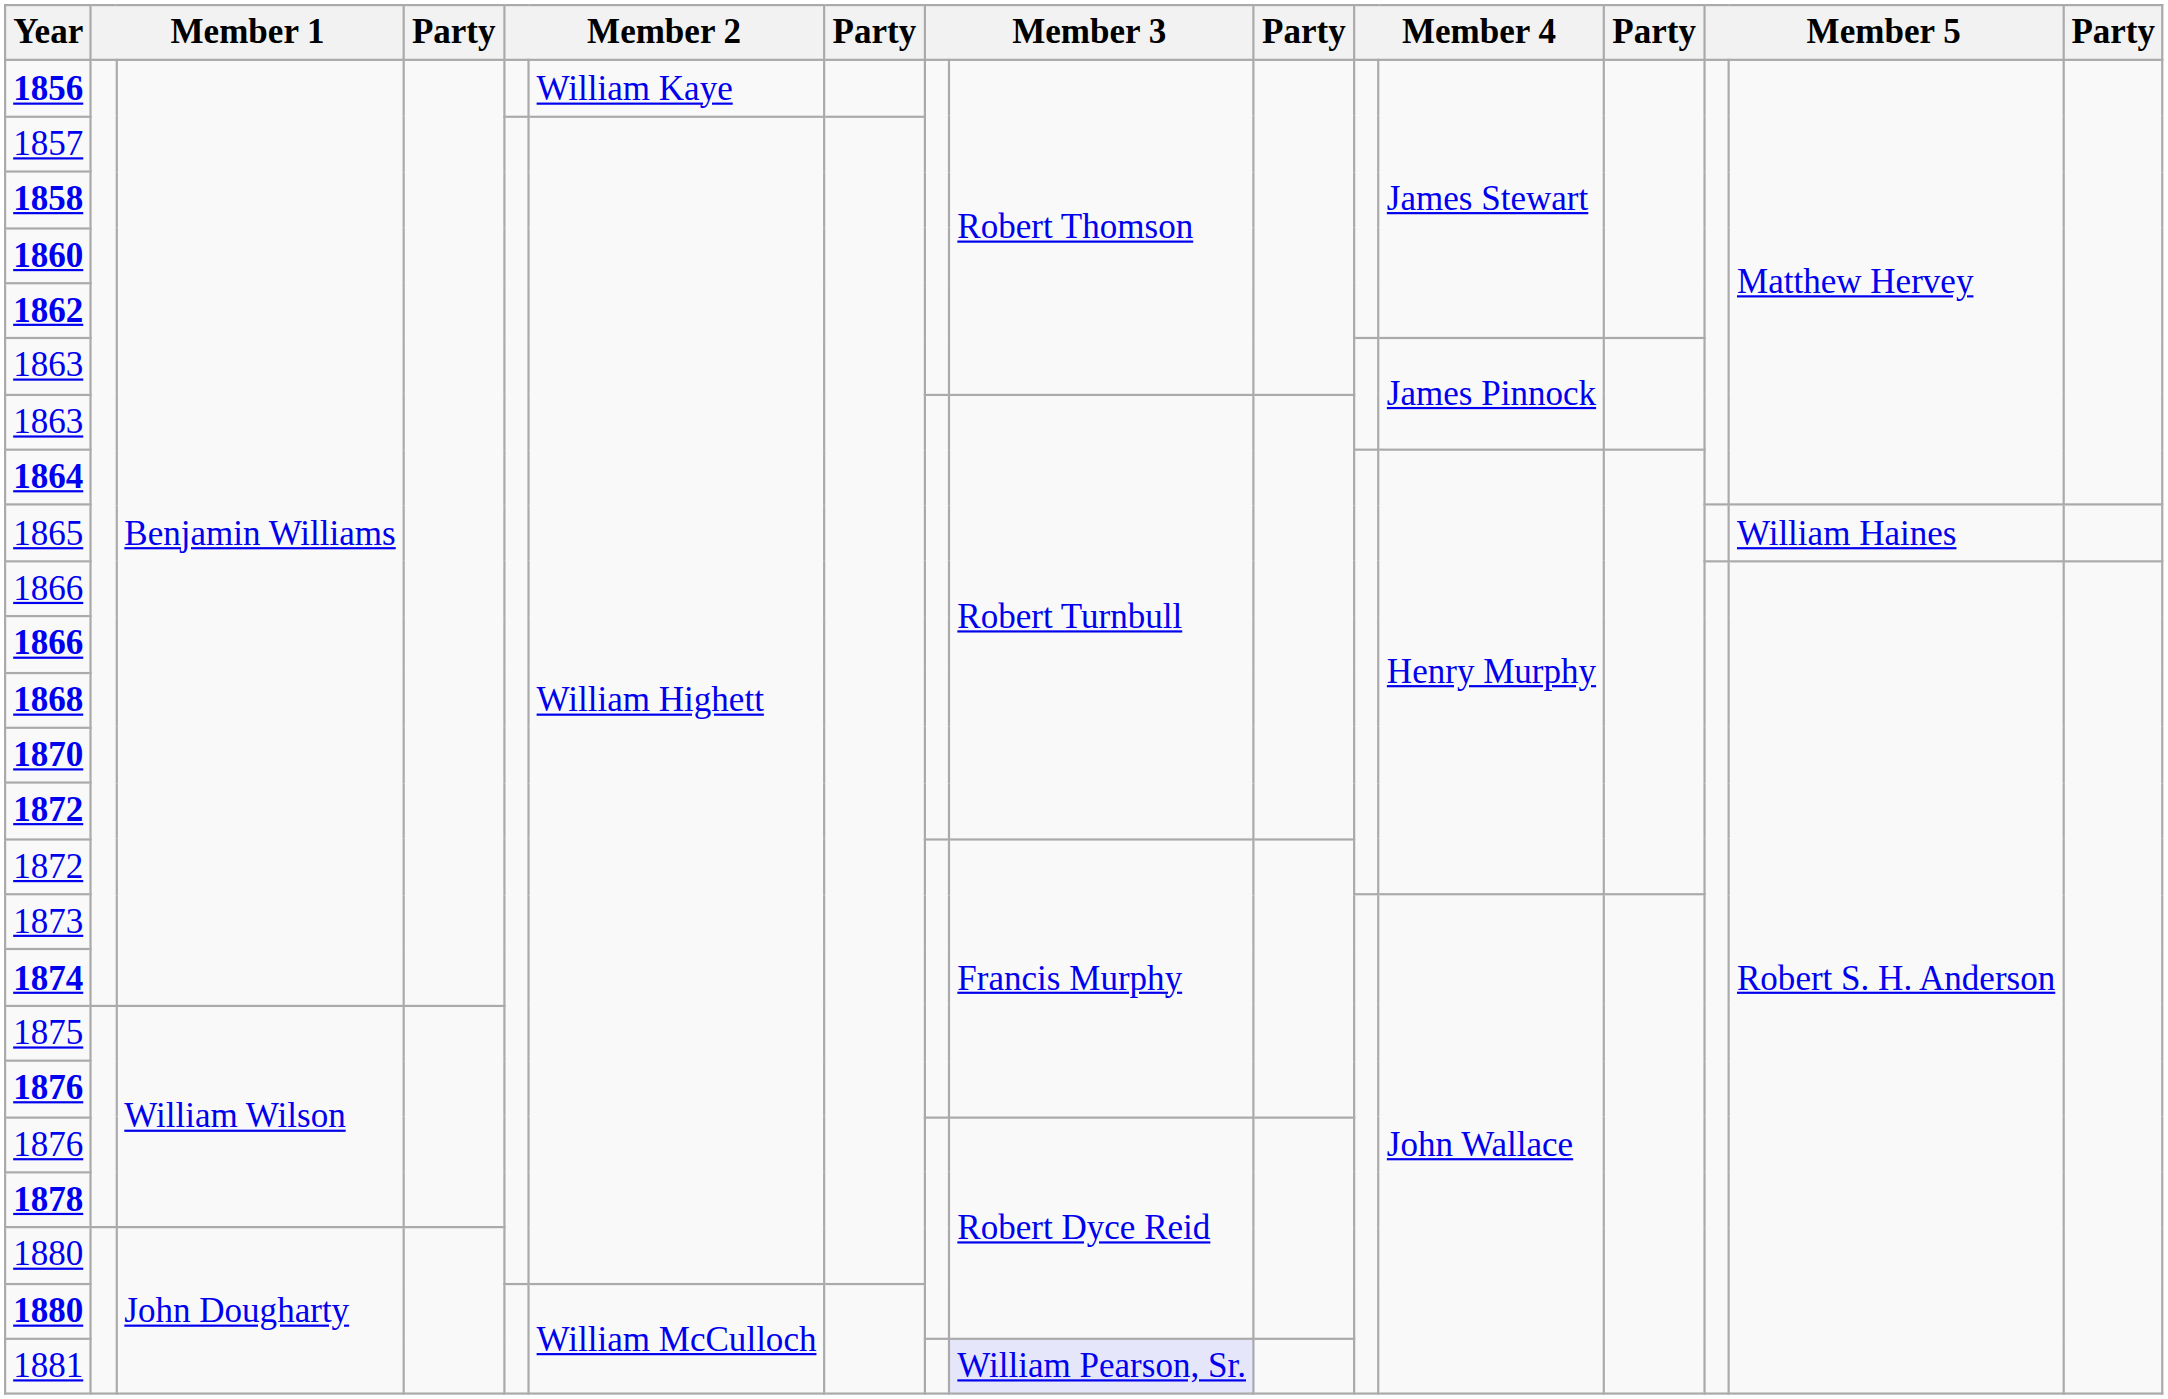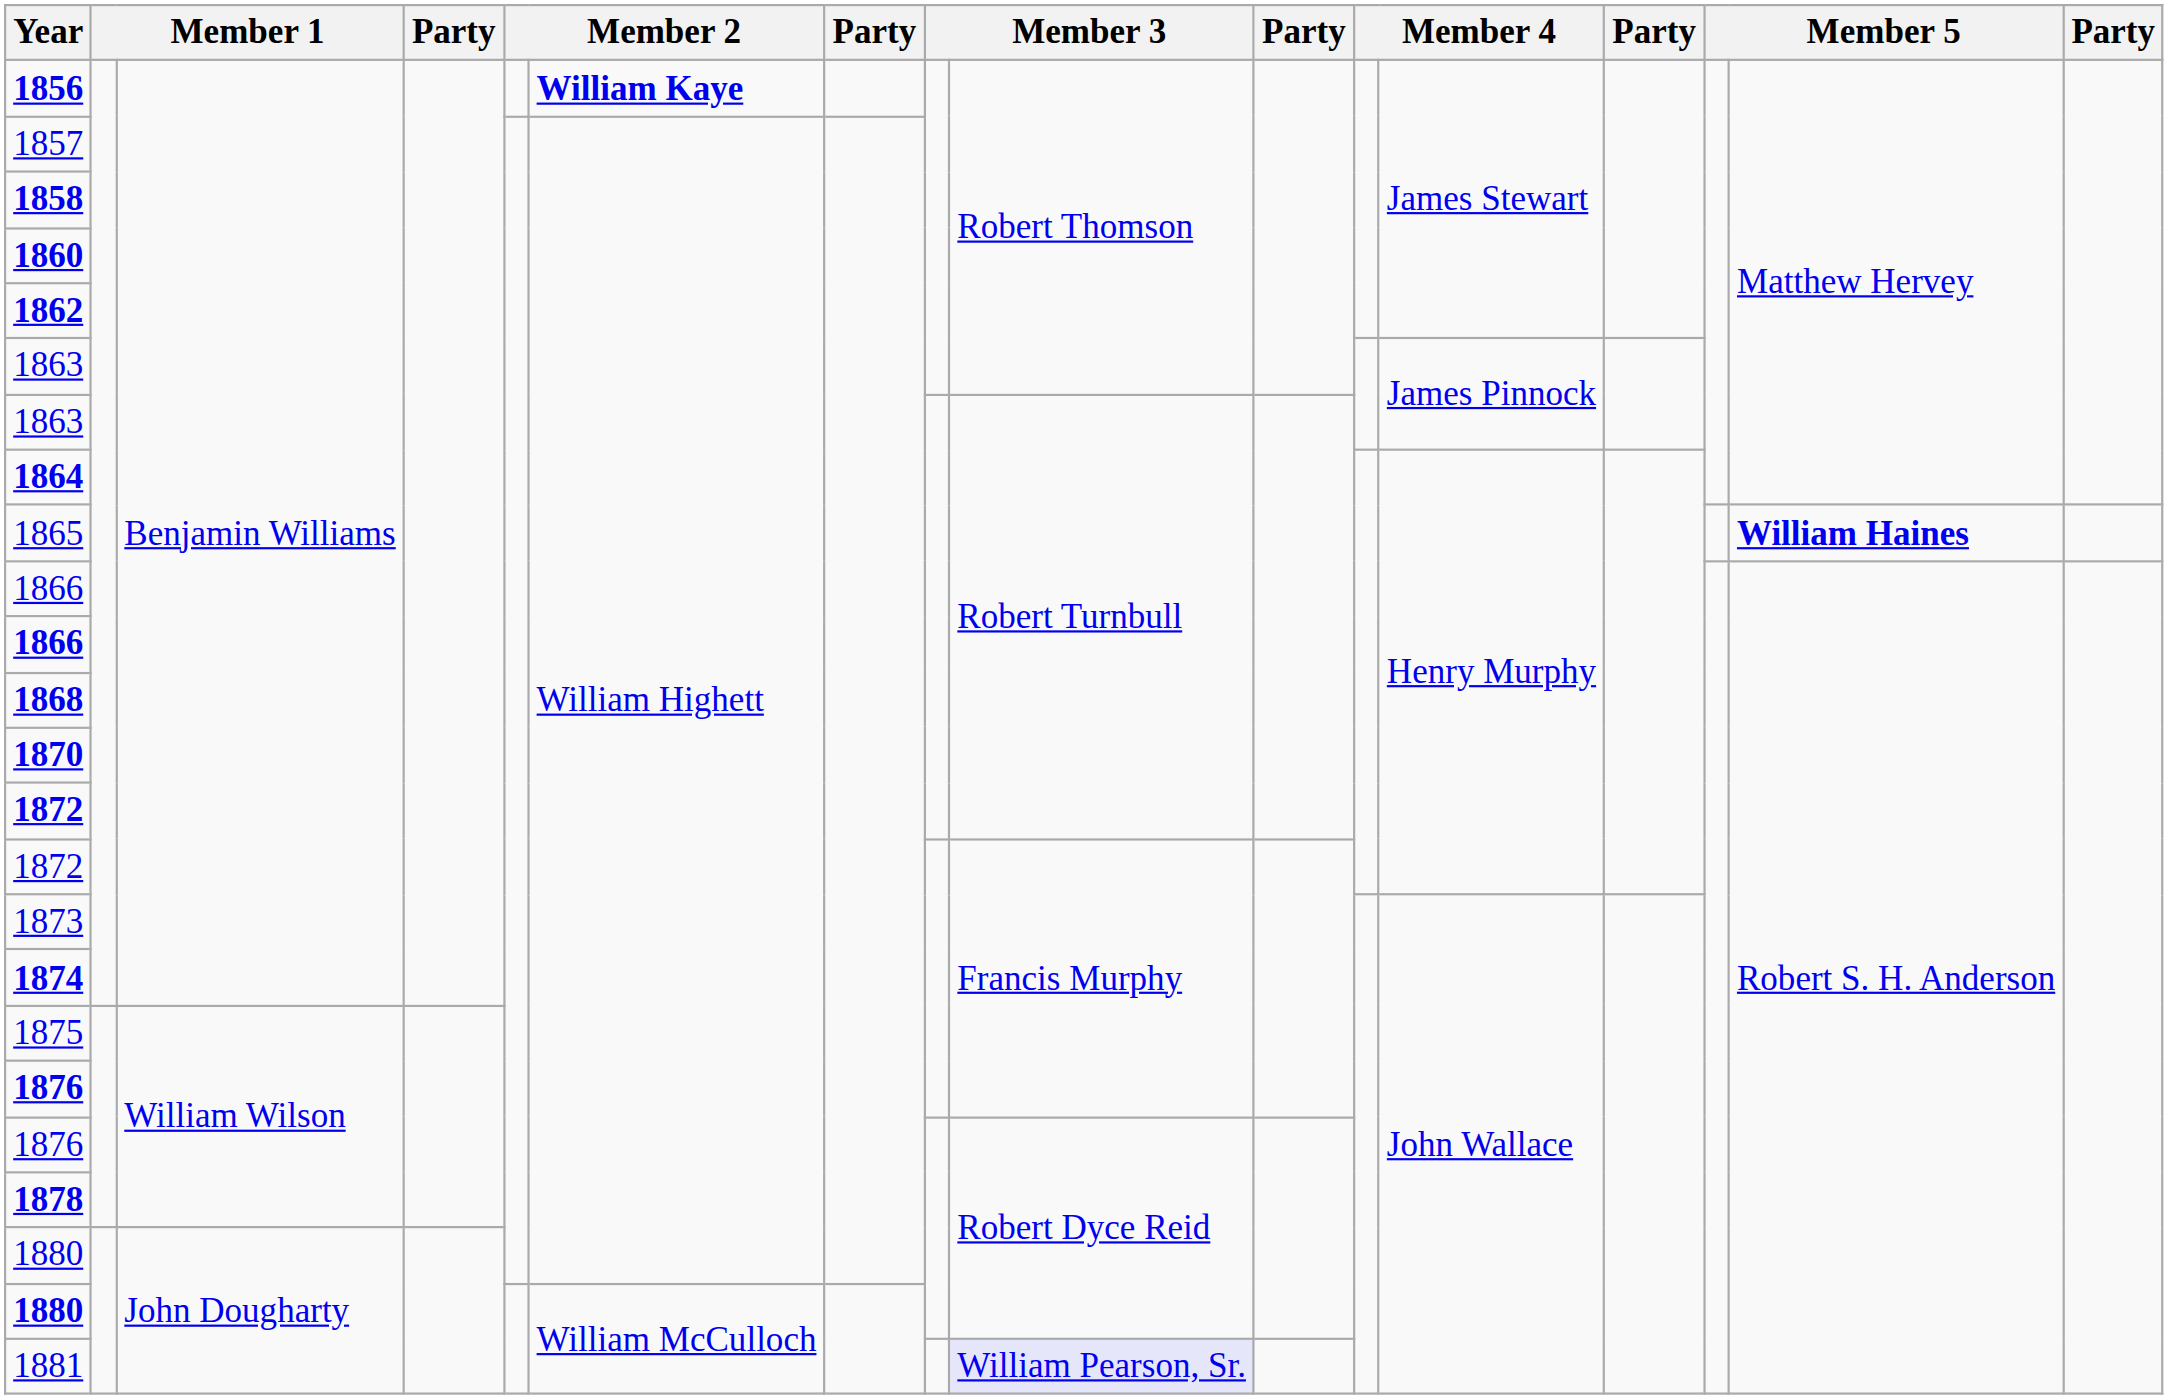 <table class="wikitable">
 <tr>
 <th>Year</th>
 <th colspan=2>Member 1</th>
 <th>Party</th>
 <th colspan=2>Member 2</th>
 <th>Party</th>
 <th colspan=2>Member 3</th>
 <th>Party</th>
 <th colspan=2>Member 4</th>
 <th>Party</th>
 <th colspan=2>Member 5</th>
 <th>Party</th>
 </tr>
 <tr>
 <td><strong><a href='#'>1856</a></strong></td>
 <td rowspan=17 > </td>
 <td rowspan=17><a href='#'>Benjamin Williams</a></td>
 <td rowspan=17> </td>
 <td> </td>
-<td><a href='#'>William Kaye</a></td>
+<td><strong><a href='#'>William Kaye</a></strong></td>
 <td> </td>
 <td rowspan=6 > </td>
 <td rowspan=6><a href='#'>Robert Thomson</a></td>
 <td rowspan=6> </td>
 <td rowspan=5 > </td>
 <td rowspan=5><a href='#'>James Stewart</a></td>
 <td rowspan=5> </td>
 <td rowspan=8 > </td>
 <td rowspan=8><a href='#'>Matthew Hervey</a></td>
 <td rowspan=8> </td>
 </tr>
 <tr>
 <td><a href='#'>1857</a></td>
 <td rowspan=21 > </td>
 <td rowspan=21><a href='#'>William Highett</a></td>
 <td rowspan=21> </td>
 </tr>
 <tr>
 <td><strong><a href='#'>1858</a></strong></td>
 </tr>
 <tr>
 <td><strong><a href='#'>1860</a></strong></td>
 </tr>
 <tr>
 <td><strong><a href='#'>1862</a></strong></td>
 </tr>
 <tr>
 <td><a href='#'>1863</a></td>
 <td rowspan=2 > </td>
 <td rowspan=2><a href='#'>James Pinnock</a><br></td>
 <td rowspan=2> </td>
 </tr>
 <tr>
 <td><a href='#'>1863</a></td>
 <td rowspan=8 > </td>
 <td rowspan=8><a href='#'>Robert Turnbull</a><br></td>
 <td rowspan=8> </td>
 </tr>
 <tr>
 <td><strong><a href='#'>1864</a></strong></td>
 <td rowspan=8 > </td>
 <td rowspan=8><a href='#'>Henry Murphy</a></td>
 <td rowspan=8> </td>
 </tr>
 <tr>
 <td><a href='#'>1865</a></td>
 <td> </td>
-<td><a href='#'>William Haines</a></td>
+<td><strong><a href='#'>William Haines</a></strong></td>
 <td> </td>
 </tr>
 <tr>
 <td><a href='#'>1866</a></td>
 <td rowspan=15 > </td>
 <td rowspan=15><a href='#'>Robert S. H. Anderson</a></td>
 <td rowspan=15> </td>
 </tr>
 <tr>
 <td><strong><a href='#'>1866</a></strong></td>
 </tr>
 <tr>
 <td><strong><a href='#'>1868</a></strong></td>
 </tr>
 <tr>
 <td><strong><a href='#'>1870</a></strong></td>
 </tr>
 <tr>
 <td><strong><a href='#'>1872</a></strong></td>
 </tr>
 <tr>
 <td><a href='#'>1872</a></td>
 <td rowspan=5 > </td>
 <td rowspan=5><a href='#'>Francis Murphy</a></td>
 <td rowspan=5> </td>
 </tr>
 <tr>
 <td><a href='#'>1873</a></td>
 <td rowspan=9 > </td>
 <td rowspan=9><a href='#'>John Wallace</a></td>
 <td rowspan=9> </td>
 </tr>
 <tr>
 <td><strong><a href='#'>1874</a></strong></td>
 </tr>
 <tr>
 <td><a href='#'>1875</a></td>
 <td rowspan=4 > </td>
 <td rowspan=4><a href='#'>William Wilson</a><br></td>
 <td rowspan=4> </td>
 </tr>
 <tr>
 <td><strong><a href='#'>1876</a></strong></td>
 </tr>
 <tr>
 <td><a href='#'>1876</a></td>
 <td rowspan=4 > </td>
 <td rowspan=4><a href='#'>Robert Dyce Reid</a></td>
 <td rowspan=4> </td>
 </tr>
 <tr>
 <td><strong><a href='#'>1878</a></strong></td>
 </tr>
 <tr>
 <td><a href='#'>1880</a></td>
 <td rowspan=3 > </td>
 <td rowspan=3><a href='#'>John Dougharty</a></td>
 <td rowspan=3> </td>
 </tr>
 <tr>
 <td><strong><a href='#'>1880</a></strong></td>
 <td rowspan=2 > </td>
 <td rowspan=2><a href='#'>William McCulloch</a></td>
 <td rowspan=2> </td>
 </tr>
 <tr>
 <td><a href='#'>1881</a></td>
 <td> </td>
 <td style="background: lavender;"><a href='#'>William Pearson, Sr.</a></td>
 <td> </td>
 </tr>
 </table>
